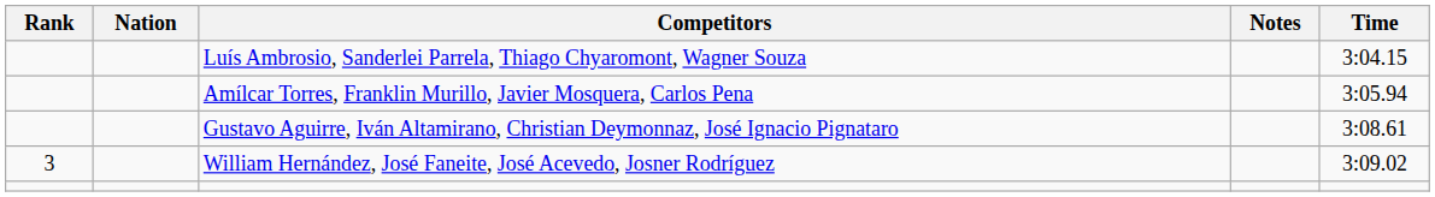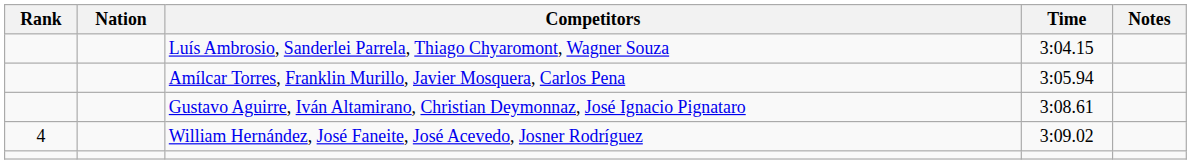 <table class="wikitable sortable" width=80% style="text-align:center; font-size:95%">
 <tr>
 <th>Rank</th>
 <th>Nation</th>
 <th>Competitors</th>
+<th>Time</th>
 <th>Notes</th>
-<th>Time</th>
 </tr>
 <tr>
 <td></td>
 <td align=left></td>
 <td align=left><a href='#'>Luís Ambrosio</a>, <a href='#'>Sanderlei Parrela</a>, <a href='#'>Thiago Chyaromont</a>, <a href='#'>Wagner Souza</a></td>
+<td>3:04.15</td>
 <td></td>
-<td>3:04.15</td>
 </tr>
 <tr>
 <td></td>
 <td align=left></td>
 <td align=left><a href='#'>Amílcar Torres</a>, <a href='#'>Franklin Murillo</a>, <a href='#'>Javier Mosquera</a>, <a href='#'>Carlos Pena</a></td>
+<td>3:05.94</td>
 <td></td>
-<td>3:05.94</td>
 </tr>
 <tr>
 <td></td>
 <td align=left></td>
 <td align=left><a href='#'>Gustavo Aguirre</a>, <a href='#'>Iván Altamirano</a>, <a href='#'>Christian Deymonnaz</a>, <a href='#'>José Ignacio Pignataro</a></td>
+<td>3:08.61</td>
 <td></td>
-<td>3:08.61</td>
 </tr>
 <tr>
-<td>3</td>
+<td>4</td>
 <td align=left></td>
 <td align=left><a href='#'>William Hernández</a>, <a href='#'>José Faneite</a>, <a href='#'>José Acevedo</a>, <a href='#'>Josner Rodríguez</a></td>
+<td>3:09.02</td>
 <td></td>
-<td>3:09.02</td>
 </tr>
 <tr>
 <td></td>
 <td align=left></td>
 <td align=left></td>
 <td></td>
 <td></td>
 </tr>
 </table>
